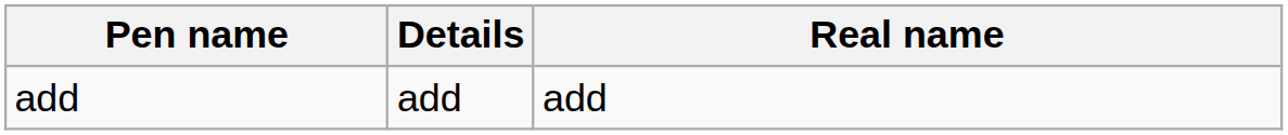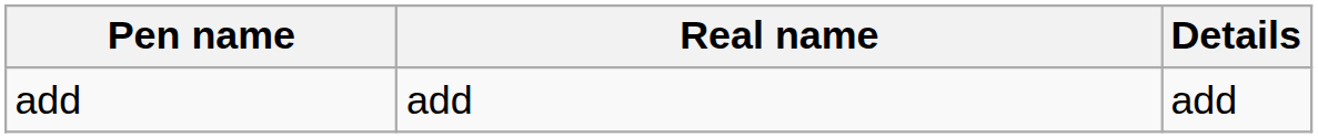 <table class="wikitable sortable">
 <tr>
 <th style="width:150px;">Pen name</th>
+<th style="width:300px;">Real name</th>
 <th class=unsortable>Details</th>
-<th style="width:300px;">Real name</th>
 </tr>
 <tr>
 <td>add</td>
 <td>add</td>
 <td>add</td>
 </tr>
 </table>
